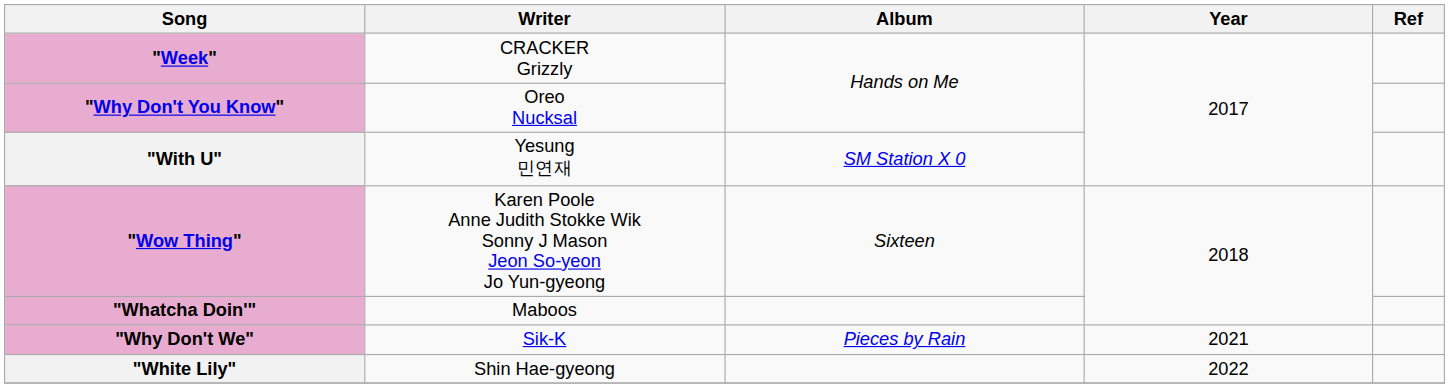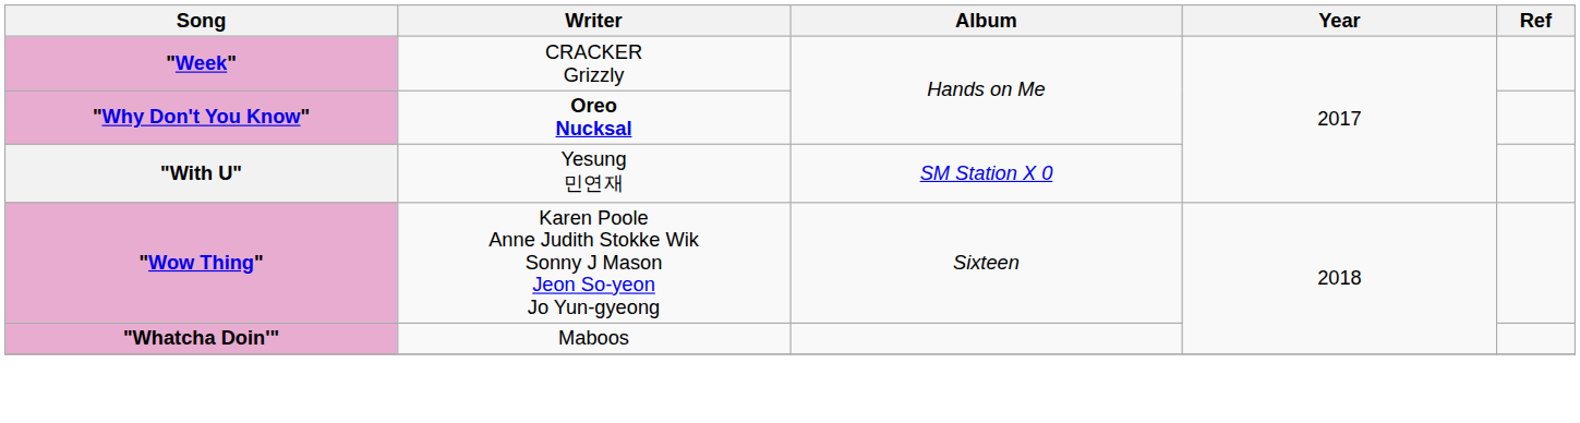 <table class="wikitable" style="text-align:center; width:100%">
 <tr>
 <th style="width:25%">Song</th>
 <th style="width:25%">Writer</th>
 <th style="width:25%">Album</th>
 <th style="width:20%">Year</th>
 <th style="width:5%">Ref</th>
 </tr>
 <tr>
 <th scope="row" style="background-color:#E7ACCF">"<a href='#'>Week</a>" </th>
 <td>CRACKER<br>Grizzly</td>
 <td rowspan="2"><em>Hands on Me</em></td>
 <td rowspan="3">2017</td>
 <td></td>
 </tr>
 <tr>
 <th scope="row" style="background-color:#E7ACCF">"<a href='#'>Why Don't You Know</a>"   </th>
-<td>Oreo<br><a href='#'>Nucksal</a></td>
+<td><strong>Oreo<br><a href='#'>Nucksal</a></strong></td>
 <td></td>
 </tr>
 <tr>
 <th scope="row">"With U"<br></th>
 <td>Yesung<br>민연재</td>
 <td><em><a href='#'>SM Station X 0</a></em></td>
 <td></td>
 </tr>
 <tr>
 <th scope="row" style="background-color:#E7ACCF">"<a href='#'>Wow Thing</a>"<br> </th>
 <td>Karen Poole<br>Anne Judith Stokke Wik<br>Sonny J Mason<br><a href='#'>Jeon So-yeon</a><br>Jo Yun-gyeong</td>
 <td><em>Sixteen</em></td>
 <td rowspan="2">2018</td>
 <td></td>
 </tr>
 <tr>
 <th scope="row" style="background-color:#E7ACCF">"Whatcha Doin'"<br> </th>
 <td>Maboos</td>
 <td></td>
 <td></td>
 </tr>
 <tr>
-<th scope="row" style="background-color:#E7ACCF">"Why Don't We"<br> </th>
-<td><a href='#'>Sik-K</a></td>
-<td><em><a href='#'>Pieces by Rain</a></em></td>
-<td>2021</td>
-<td></td>
-</tr>
-<tr>
-<th scope="row">"White Lily" <br></th>
-<td>Shin Hae-gyeong</td>
-<td></td>
-<td>2022</td>
-<td></td>
-</tr>
-<tr>
 </tr>
 </table>
